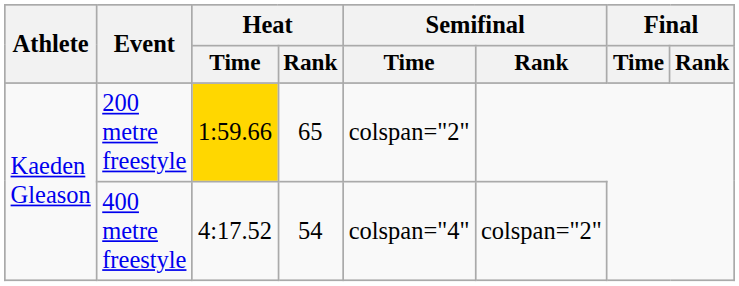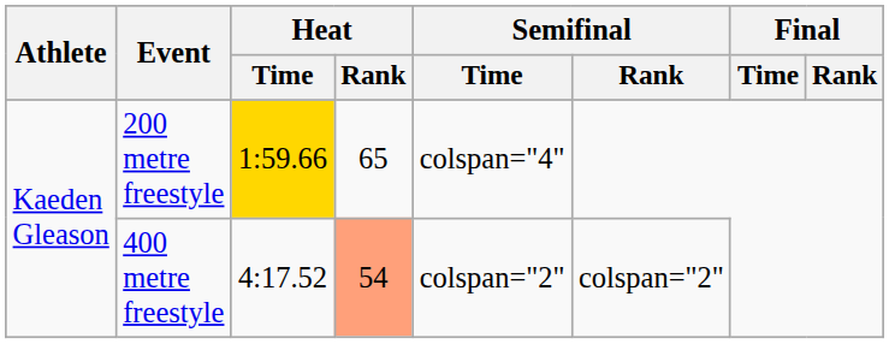 <table class="wikitable" style="text-align:center; font-size:90%; width:50%;">
 <tr>
 <th rowspan="2">Athlete</th>
 <th rowspan="2">Event</th>
 <th colspan="2">Heat</th>
 <th colspan="2">Semifinal</th>
 <th colspan="2">Final</th>
 </tr>
 <tr style="font-size:95%">
 <th>Time</th>
 <th>Rank</th>
 <th>Time</th>
 <th>Rank</th>
 <th>Time</th>
 <th>Rank</th>
 </tr>
 <tr align=center>
 <td align=left rowspan="2"><a href='#'>Kaeden Gleason</a></td>
 <td align=left><a href='#'>200 metre freestyle</a></td>
 <td style="background: gold;">1:59.66</td>
 <td>65</td>
-<td>colspan="2"</td>
+<td>colspan="4"</td>
 </tr>
 <tr align=center>
 <td align=left><a href='#'>400 metre freestyle</a></td>
 <td>4:17.52</td>
-<td>54</td>
-<td>colspan="4"</td>
+<td style="background: lightsalmon;">54</td>
+<td>colspan="2"</td>
 <td>colspan="2"</td>
 </tr>
 </table>
